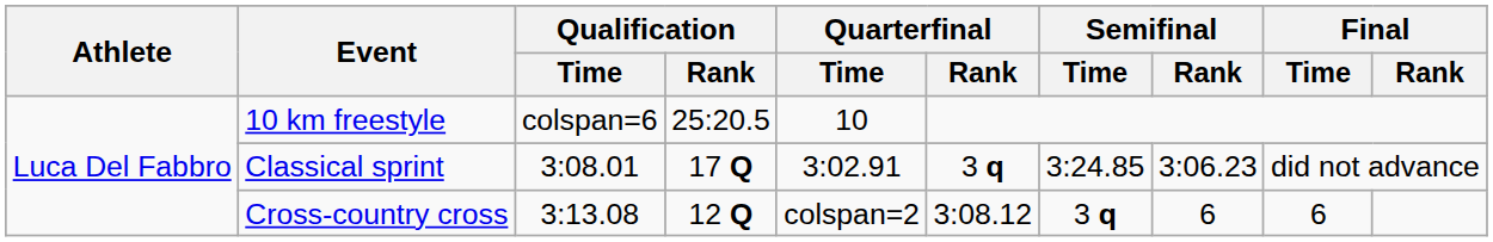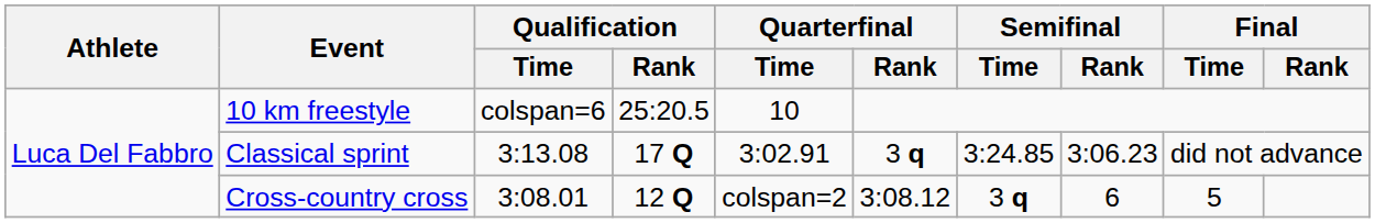 <table class="wikitable" style="font-size:90%">
 <tr>
 <th rowspan="2">Athlete</th>
 <th rowspan="2">Event</th>
 <th colspan="2">Qualification</th>
 <th colspan="2">Quarterfinal</th>
 <th colspan="2">Semifinal</th>
 <th colspan="2">Final</th>
 </tr>
 <tr style="font-size:95%">
 <th>Time</th>
 <th>Rank</th>
 <th>Time</th>
 <th>Rank</th>
 <th>Time</th>
 <th>Rank</th>
 <th>Time</th>
 <th>Rank</th>
 </tr>
 <tr align=center>
 <td align=left rowspan=3><a href='#'>Luca Del Fabbro</a></td>
 <td align=left><a href='#'>10 km freestyle</a></td>
 <td>colspan=6 </td>
 <td>25:20.5</td>
 <td>10</td>
 </tr>
 <tr align=center>
 <td align=left><a href='#'>Classical sprint</a></td>
-<td>3:08.01</td>
+<td>3:13.08</td>
 <td>17 <strong>Q</strong></td>
 <td>3:02.91</td>
 <td>3 <strong>q</strong></td>
 <td>3:24.85</td>
 <td>3:06.23</td>
 <td colspan=2>did not advance</td>
 </tr>
 <tr align=center>
 <td align=left><a href='#'>Cross-country cross</a></td>
-<td>3:13.08</td>
+<td>3:08.01</td>
 <td>12 <strong>Q</strong></td>
 <td>colspan=2 </td>
 <td>3:08.12</td>
 <td>3 <strong>q</strong></td>
 <td>6</td>
-<td>6</td>
+<td>5</td>
 </tr>
 </table>
